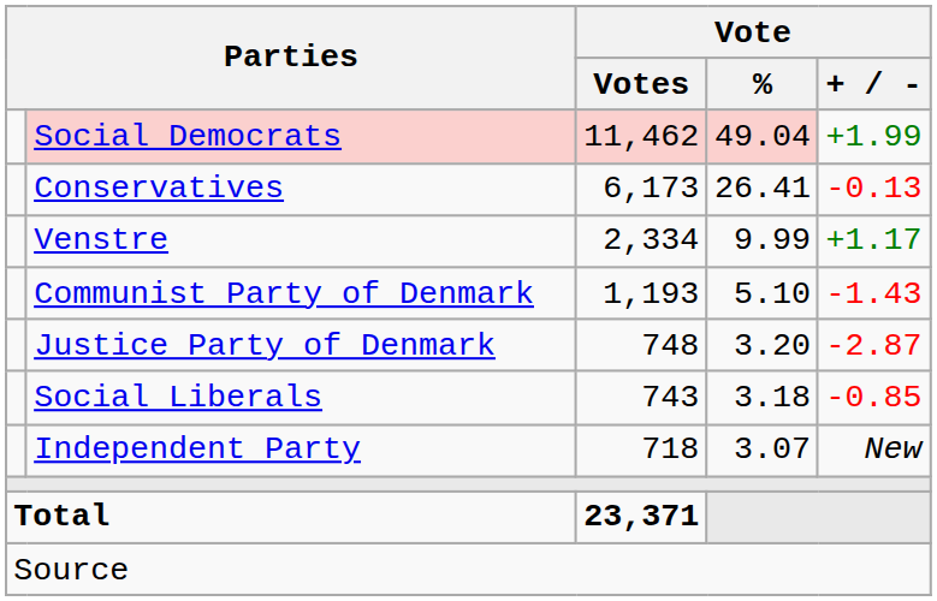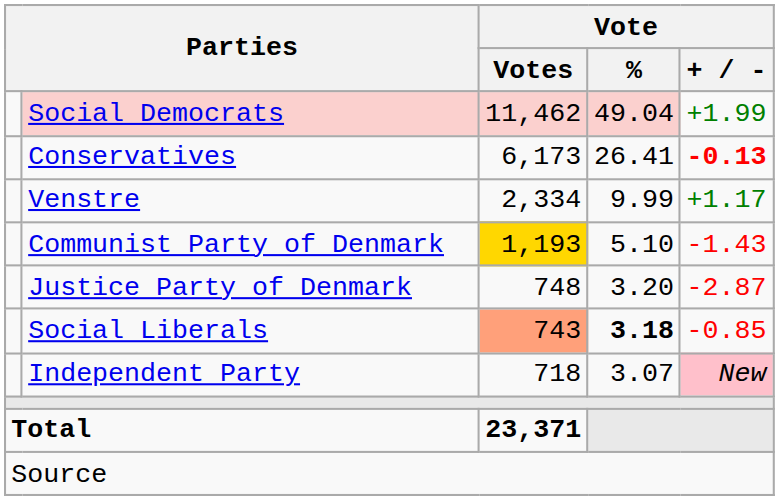 <table class="wikitable" style="text-align:right;">
 <tr>
 <th style="text-align:centre;" rowspan="2" colspan="2" width="225">Parties</th>
 <th colspan="3">Vote</th>
 </tr>
 <tr>
 <th width="15">Votes</th>
 <th width="15">%</th>
 <th width="15">+ / -</th>
 </tr>
 <tr>
 <td width="2" style="color:inherit;background:"></td>
 <td bgcolor=#fbd0ce  align="left"><a href='#'>Social Democrats</a></td>
 <td bgcolor=#fbd0ce>11,462</td>
 <td bgcolor=#fbd0ce>49.04</td>
 <td style=color:green;>+1.99</td>
 </tr>
 <tr>
 <td width="2" style="color:inherit;background:"></td>
 <td align="left"><a href='#'>Conservatives</a></td>
 <td>6,173</td>
 <td>26.41</td>
-<td style=color:red;>-0.13</td>
+<td style=color:red;><strong>-0.13</strong></td>
 </tr>
 <tr>
 <td width="2" style="color:inherit;background:"></td>
 <td align="left"><a href='#'>Venstre</a></td>
 <td>2,334</td>
 <td>9.99</td>
 <td style=color:green;>+1.17</td>
 </tr>
 <tr>
 <td width="2" style="color:inherit;background:"></td>
 <td align="left"><a href='#'>Communist Party of Denmark</a></td>
-<td>1,193</td>
+<td style="background: gold;">1,193</td>
 <td>5.10</td>
 <td style=color:red;>-1.43</td>
 </tr>
 <tr>
 <td width="2" style="color:inherit;background:"></td>
 <td align="left"><a href='#'>Justice Party of Denmark</a></td>
 <td>748</td>
 <td>3.20</td>
 <td style=color:red;>-2.87</td>
 </tr>
 <tr>
 <td width="2" style="color:inherit;background:"></td>
 <td align="left"><a href='#'>Social Liberals</a></td>
-<td>743</td>
-<td>3.18</td>
+<td style="background: lightsalmon;">743</td>
+<td><strong>3.18</strong></td>
 <td style=color:red;>-0.85</td>
 </tr>
 <tr>
 <td width="2" style="color:inherit;background:"></td>
 <td align="left"><a href='#'>Independent Party</a></td>
 <td>718</td>
 <td>3.07</td>
-<td><em>New</em></td>
+<td style="background: pink;"><em>New</em></td>
 </tr>
 <tr>
 <td colspan="7" bgcolor="#E9E9E9"></td>
 </tr>
 <tr>
 <td align="left" colspan="2"><strong>Total</strong></td>
 <td><strong>23,371</strong></td>
 <td bgcolor="#E9E9E9" colspan="2"></td>
 </tr>
 <tr>
 <td align="left" colspan="6">Source</td>
 </tr>
 </table>
